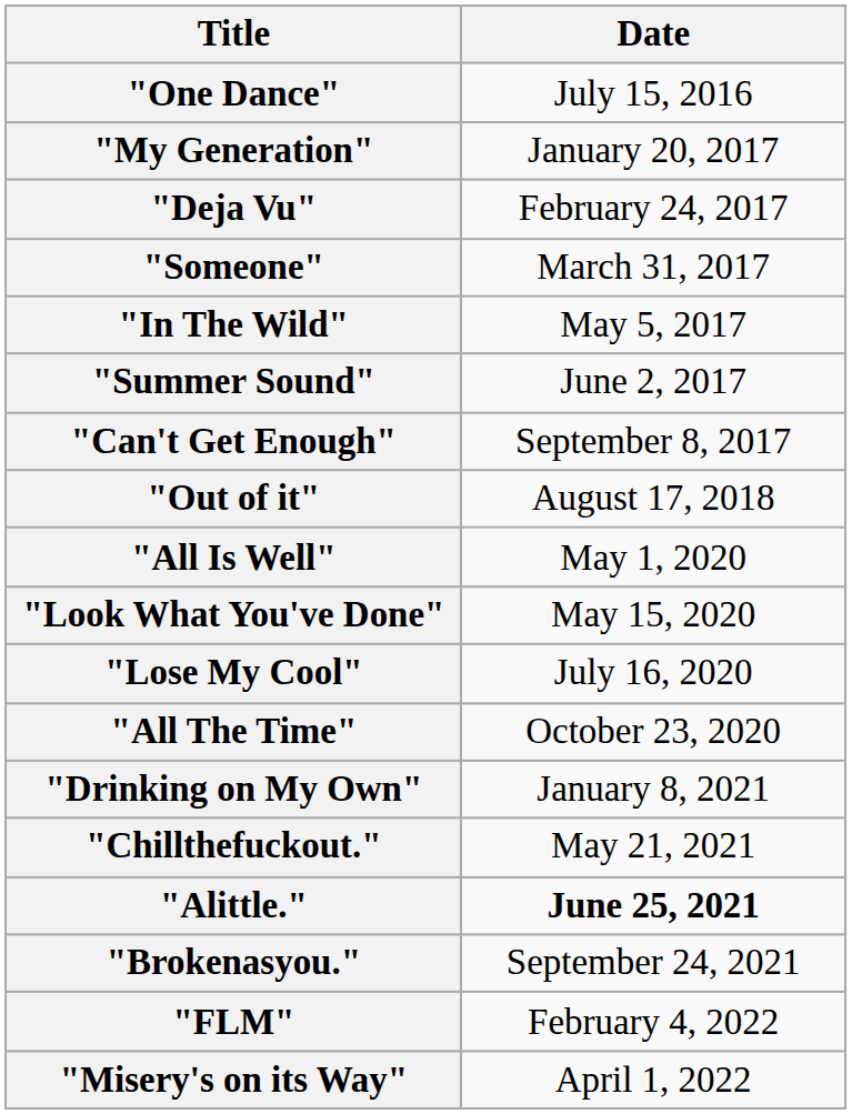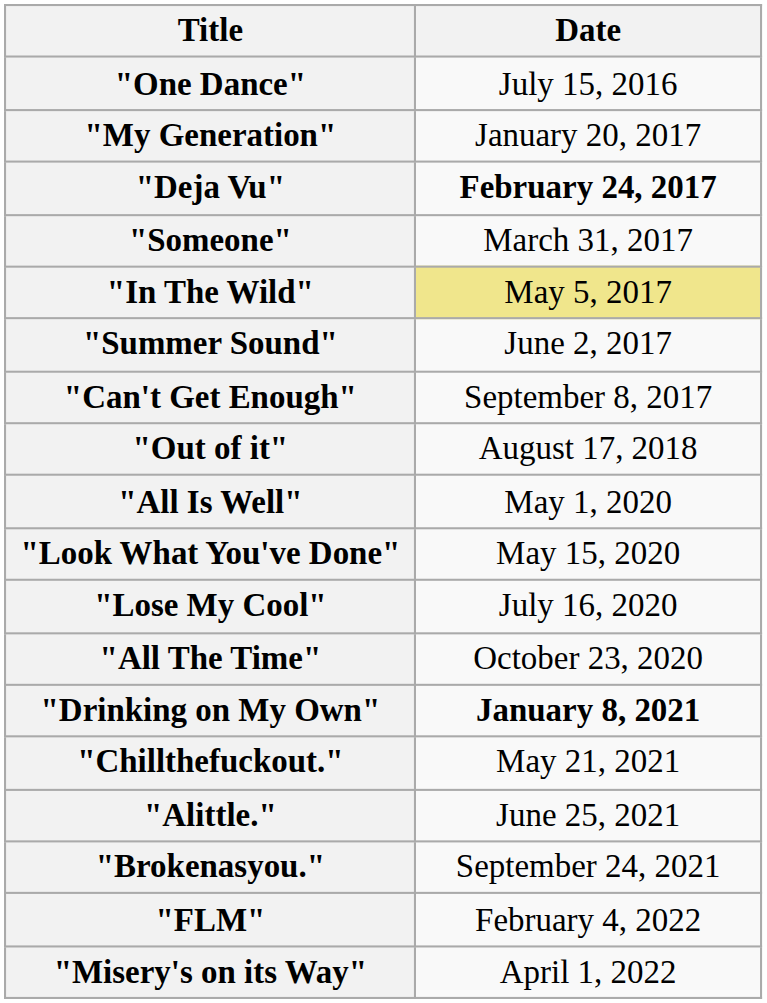 <table class="wikitable plainrowheaders" style="text-align:center;">
 <tr>
 <th scope="col" style="width:12em;">Title</th>
 <th scope="col" style="width:10em;">Date</th>
 </tr>
 <tr>
 <th scope="row">"One Dance"</th>
 <td>July 15, 2016</td>
 </tr>
 <tr>
 <th scope="row">"My Generation"</th>
 <td>January 20, 2017</td>
 </tr>
 <tr>
 <th scope="row">"Deja Vu"</th>
-<td>February 24, 2017</td>
+<td><strong>February 24, 2017</strong></td>
 </tr>
 <tr>
 <th scope="row">"Someone"</th>
 <td>March 31, 2017</td>
 </tr>
 <tr>
 <th scope="row">"In The Wild"</th>
-<td>May 5, 2017</td>
+<td style="background: khaki;">May 5, 2017</td>
 </tr>
 <tr>
 <th scope="row">"Summer Sound"</th>
 <td>June 2, 2017</td>
 </tr>
 <tr>
 <th scope="row">"Can't Get Enough"</th>
 <td>September 8, 2017</td>
 </tr>
 <tr>
 <th scope="row">"Out of it"</th>
 <td>August 17, 2018</td>
 </tr>
 <tr>
 <th scope="row">"All Is Well"</th>
 <td>May 1, 2020</td>
 </tr>
 <tr>
 <th scope="row">"Look What You've Done"</th>
 <td>May 15, 2020</td>
 </tr>
 <tr>
 <th scope="row">"Lose My Cool"</th>
 <td>July 16, 2020</td>
 </tr>
 <tr>
 <th scope="row">"All The Time"</th>
 <td>October 23, 2020</td>
 </tr>
 <tr>
 <th scope="row">"Drinking on My Own"</th>
-<td>January 8, 2021</td>
+<td><strong>January 8, 2021</strong></td>
 </tr>
 <tr>
 <th scope="row">"Chillthefuckout."</th>
 <td>May 21, 2021</td>
 </tr>
 <tr>
 <th scope="row">"Alittle."</th>
-<td><strong>June 25, 2021</strong></td>
+<td>June 25, 2021</td>
 </tr>
 <tr>
 <th scope="row">"Brokenasyou."</th>
 <td>September 24, 2021</td>
 </tr>
 <tr>
 <th scope="row">"FLM"</th>
 <td>February 4, 2022</td>
 </tr>
 <tr>
 <th scope="row">"Misery's on its Way"</th>
 <td rowspan="3">April 1, 2022</td>
 </tr>
 </table>
